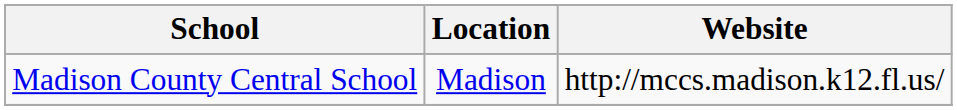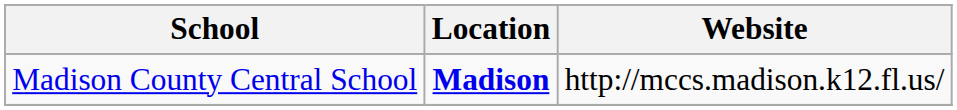 <table class="wikitable" style="text-align:center">
 <tr>
 <th>School</th>
 <th>Location</th>
 <th>Website</th>
 </tr>
 <tr>
 <td><a href='#'>Madison County Central School</a></td>
-<td><a href='#'>Madison</a></td>
+<td><strong><a href='#'>Madison</a></strong></td>
 <td>http://mccs.madison.k12.fl.us/</td>
 </tr>
 <tr>
 </tr>
 </table>
